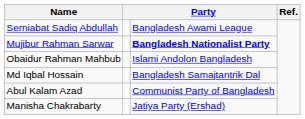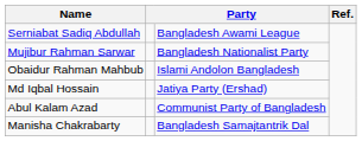 <table class="wikitable">
 <tr>
 <th colspan="1">Name</th>
 <th class=unsortable> </th>
 <th style="border-left-style:hidden; padding:0.1em 0;"><a href='#'>Party</a></th>
 <th>Ref.</th>
 </tr>
 <tr>
 <td><a href='#'>Serniabat Sadiq Abdullah</a></td>
 <td></td>
 <td><a href='#'>Bangladesh Awami League</a></td>
 <td rowspan="6"></td>
 </tr>
 <tr>
 <td><a href='#'>Mujibur Rahman Sarwar</a></td>
 <td></td>
-<td><strong><a href='#'>Bangladesh Nationalist Party</a></strong></td>
+<td><a href='#'>Bangladesh Nationalist Party</a></td>
 </tr>
 <tr>
 <td>Obaidur Rahman Mahbub</td>
 <td bgcolor=></td>
 <td><a href='#'>Islami Andolon Bangladesh</a></td>
 </tr>
 <tr>
 <td>Md Iqbal Hossain</td>
 <td></td>
-<td><a href='#'>Bangladesh Samajtantrik Dal</a></td>
+<td><a href='#'>Jatiya Party (Ershad)</a></td>
 </tr>
 <tr>
 <td>Abul Kalam Azad</td>
 <td bgcolor=></td>
 <td><a href='#'>Communist Party of Bangladesh</a></td>
 </tr>
 <tr>
 <td>Manisha Chakrabarty</td>
 <td></td>
-<td><a href='#'>Jatiya Party (Ershad)</a></td>
+<td><a href='#'>Bangladesh Samajtantrik Dal</a></td>
 </tr>
 </table>
